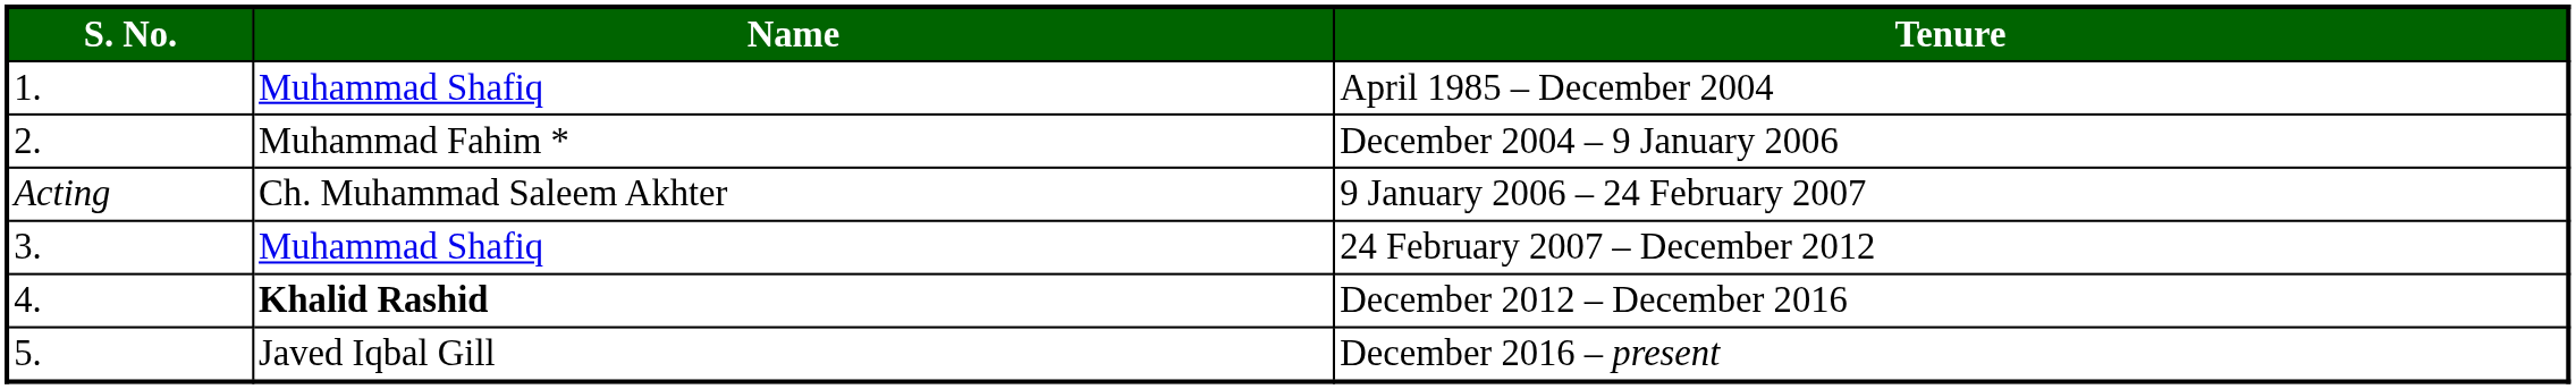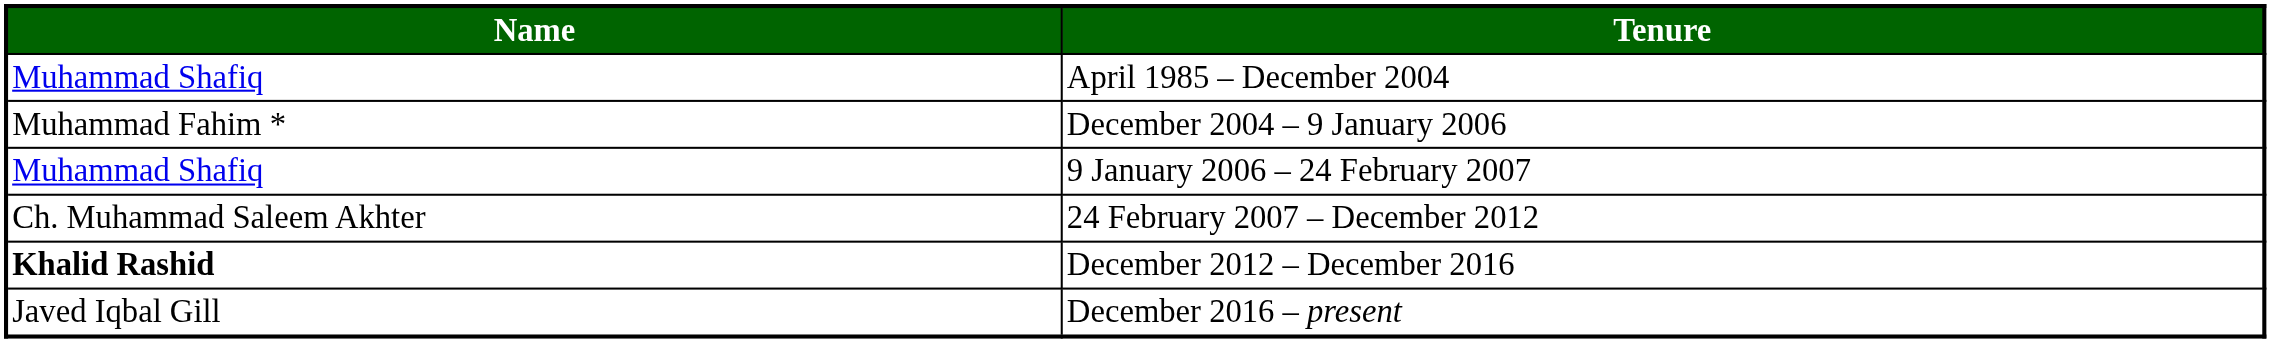 <table class="sortable" style="border-collapse: collapse; border: 2px #000000 solid; font-size: x-big; font-family: verdana" width="70%" cellspacing="0" cellpadding="2" border="1">
 <tr>
-<th style="background-color:#006400; color: white">S. No.</th>
 <th style="background-color:#006400; color: white">Name</th>
 <th style="background-color:#006400; color: white">Tenure</th>
 </tr>
 <tr>
-<td>1.</td>
 <td><a href='#'>Muhammad Shafiq</a></td>
 <td>April 1985 – December 2004</td>
 </tr>
 <tr>
-<td>2.</td>
 <td>Muhammad Fahim *</td>
 <td>December 2004 – 9 January 2006</td>
 </tr>
 <tr>
-<td><em>Acting</em></td>
-<td>Ch. Muhammad Saleem Akhter</td>
+<td><a href='#'>Muhammad Shafiq</a></td>
 <td>9 January 2006 – 24 February 2007</td>
 </tr>
 <tr>
-<td>3.</td>
-<td><a href='#'>Muhammad Shafiq</a></td>
+<td>Ch. Muhammad Saleem Akhter</td>
 <td>24 February 2007 – December 2012</td>
 </tr>
 <tr>
-<td>4.</td>
 <td><strong>Khalid Rashid</strong></td>
 <td>December 2012 – December 2016</td>
 </tr>
 <tr>
-<td>5.</td>
 <td>Javed Iqbal Gill</td>
 <td>December 2016 – <em>present</em></td>
 </tr>
 </table>
